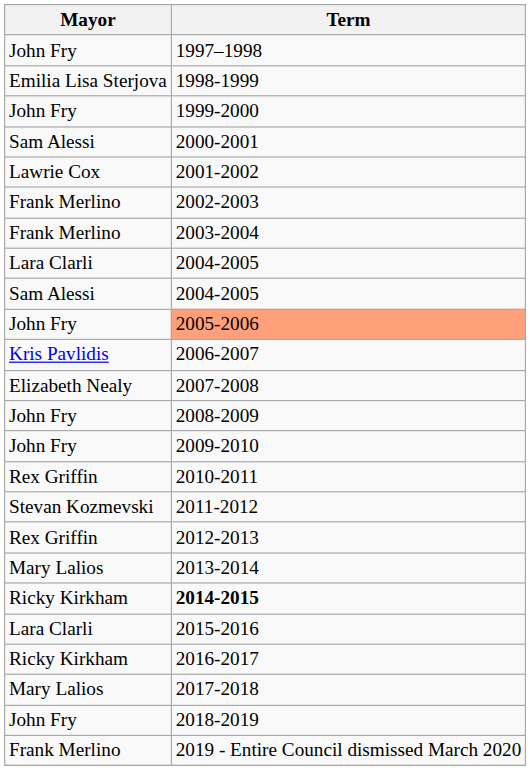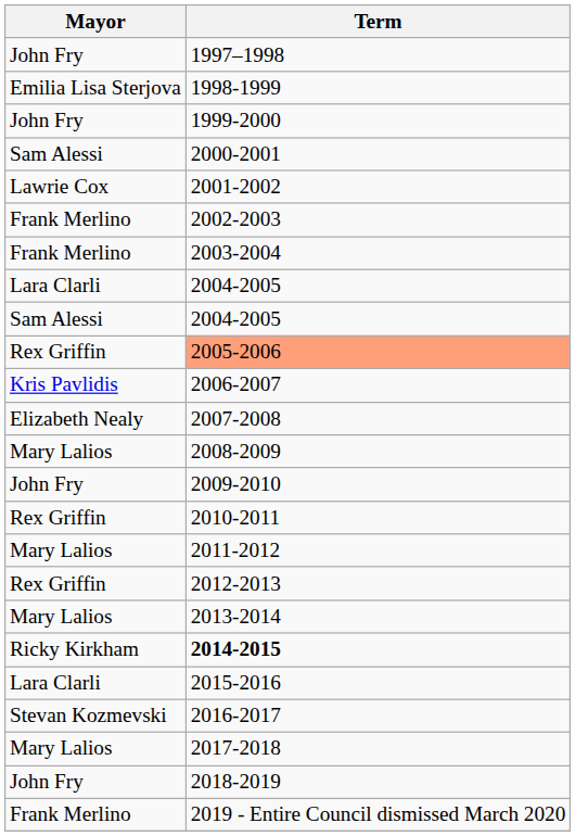 <table class="wikitable">
 <tr>
 <th>Mayor</th>
 <th>Term</th>
 </tr>
 <tr>
 <td>John Fry</td>
 <td>1997–1998</td>
 </tr>
 <tr>
 <td>Emilia Lisa Sterjova</td>
 <td>1998-1999</td>
 </tr>
 <tr>
 <td>John Fry</td>
 <td>1999-2000</td>
 </tr>
 <tr>
 <td>Sam Alessi</td>
 <td>2000-2001</td>
 </tr>
 <tr>
 <td>Lawrie Cox</td>
 <td>2001-2002</td>
 </tr>
 <tr>
 <td>Frank Merlino</td>
 <td>2002-2003</td>
 </tr>
 <tr>
 <td>Frank Merlino</td>
 <td>2003-2004</td>
 </tr>
 <tr>
 <td>Lara Clarli</td>
 <td>2004-2005</td>
 </tr>
 <tr>
 <td>Sam Alessi</td>
 <td>2004-2005</td>
 </tr>
 <tr>
-<td>John Fry</td>
+<td>Rex Griffin</td>
 <td style="background: lightsalmon;">2005-2006</td>
 </tr>
 <tr>
 <td><a href='#'>Kris Pavlidis</a></td>
 <td>2006-2007</td>
 </tr>
 <tr>
 <td>Elizabeth Nealy</td>
 <td>2007-2008</td>
 </tr>
 <tr>
-<td>John Fry</td>
+<td>Mary Lalios</td>
 <td>2008-2009</td>
 </tr>
 <tr>
 <td>John Fry</td>
 <td>2009-2010</td>
 </tr>
 <tr>
 <td>Rex Griffin</td>
 <td>2010-2011</td>
 </tr>
 <tr>
-<td>Stevan Kozmevski</td>
+<td>Mary Lalios</td>
 <td>2011-2012</td>
 </tr>
 <tr>
 <td>Rex Griffin</td>
 <td>2012-2013</td>
 </tr>
 <tr>
 <td>Mary Lalios</td>
 <td>2013-2014</td>
 </tr>
 <tr>
 <td>Ricky Kirkham</td>
 <td><strong>2014-2015</strong></td>
 </tr>
 <tr>
 <td>Lara Clarli</td>
 <td>2015-2016</td>
 </tr>
 <tr>
-<td>Ricky Kirkham</td>
+<td>Stevan Kozmevski</td>
 <td>2016-2017</td>
 </tr>
 <tr>
 <td>Mary Lalios</td>
 <td>2017-2018</td>
 </tr>
 <tr>
 <td>John Fry</td>
 <td>2018-2019</td>
 </tr>
 <tr>
 <td>Frank Merlino</td>
 <td>2019 - Entire Council dismissed March 2020</td>
 </tr>
 <tr>
 </tr>
 </table>
